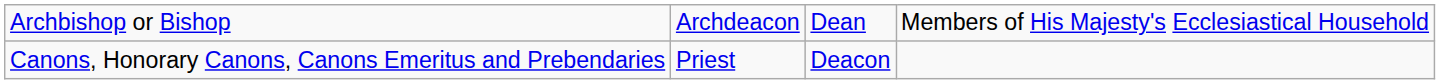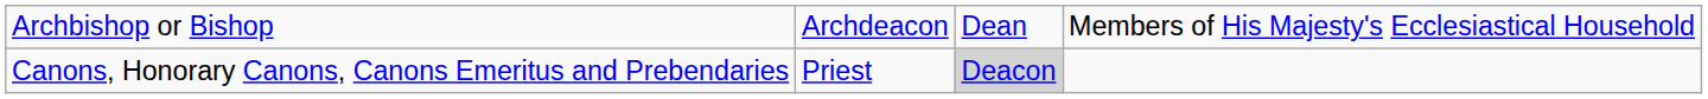 <table class="wikitable">
 <tr>
 <td> <a href='#'>Archbishop</a> or <a href='#'>Bishop</a></td>
 <td> <a href='#'>Archdeacon</a></td>
 <td> <a href='#'>Dean</a></td>
 <td> Members of <a href='#'>His Majesty's</a> <a href='#'>Ecclesiastical Household</a></td>
 </tr>
 <tr>
 <td> <a href='#'>Canons</a>, Honorary <a href='#'>Canons</a>, <a href='#'>Canons Emeritus and Prebendaries</a></td>
 <td> <a href='#'>Priest</a></td>
-<td> <a href='#'>Deacon</a></td>
+<td style="background: lightgrey;"> <a href='#'>Deacon</a></td>
 </tr>
 </table>
